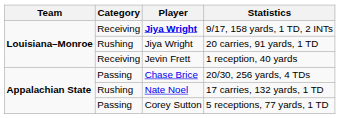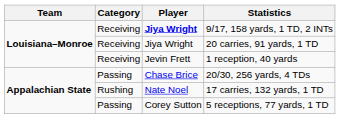 <table class="wikitable" style="float: left;">
 <tr>
 <th>Team</th>
 <th>Category</th>
 <th>Player</th>
 <th>Statistics</th>
 </tr>
 <tr>
 <td rowspan=3><strong>Louisiana–Monroe</strong></td>
 <td>Receiving</td>
 <td><strong><a href='#'>Jiya Wright</a></strong></td>
 <td>9/17, 158 yards, 1 TD, 2 INTs</td>
 </tr>
 <tr>
-<td>Rushing</td>
+<td>Receiving</td>
 <td>Jiya Wright</td>
 <td>20 carries, 91 yards, 1 TD</td>
 </tr>
 <tr>
 <td>Receiving</td>
 <td>Jevin Frett</td>
 <td>1 reception, 40 yards</td>
 </tr>
 <tr>
 <td rowspan=3><strong>Appalachian State</strong></td>
 <td>Passing</td>
 <td><a href='#'>Chase Brice</a></td>
 <td>20/30, 256 yards, 4 TDs</td>
 </tr>
 <tr>
 <td>Rushing</td>
 <td><a href='#'>Nate Noel</a></td>
 <td>17 carries, 132 yards, 1 TD</td>
 </tr>
 <tr>
 <td>Passing</td>
 <td>Corey Sutton</td>
 <td>5 receptions, 77 yards, 1 TD</td>
 </tr>
 </table>
